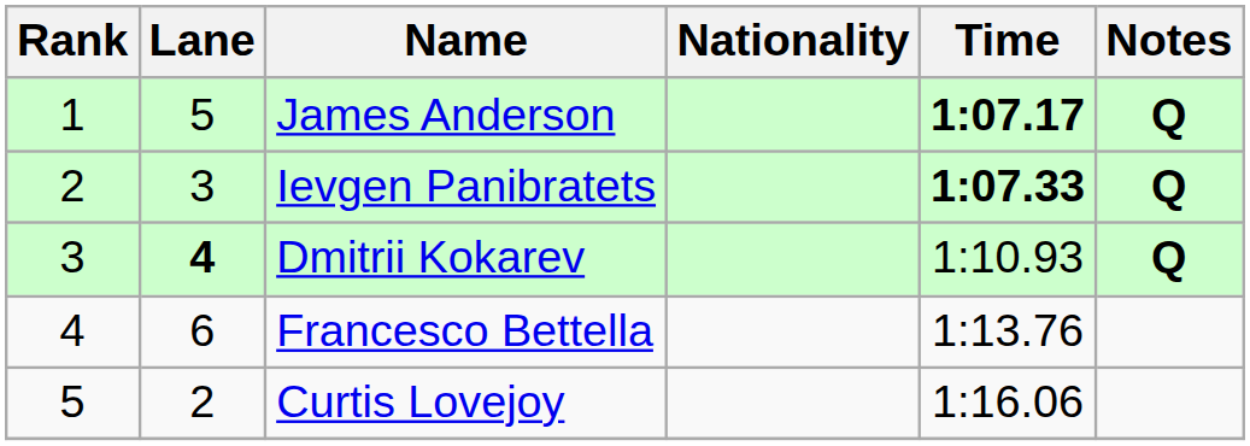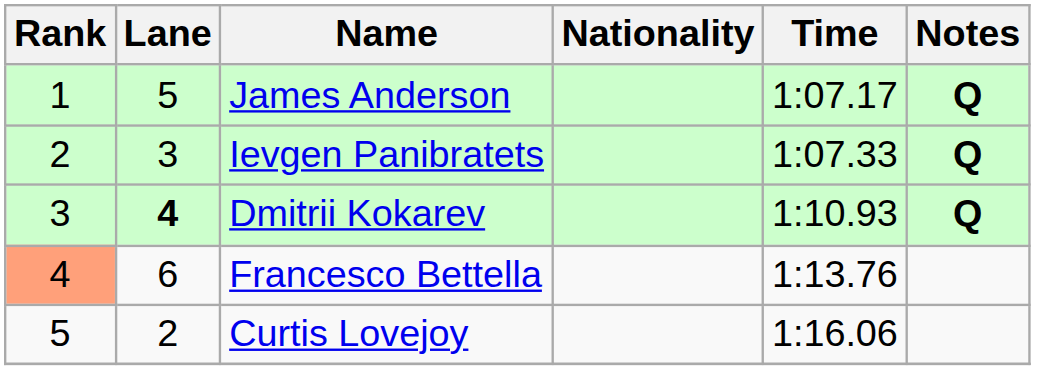 <table class="wikitable">
 <tr>
 <th>Rank</th>
 <th>Lane</th>
 <th>Name</th>
 <th>Nationality</th>
 <th>Time</th>
 <th>Notes</th>
 </tr>
 <tr bgcolor=ccffcc>
 <td align=center>1</td>
 <td align=center>5</td>
 <td><a href='#'>James Anderson</a></td>
 <td></td>
-<td align=center><strong>1:07.17</strong></td>
+<td align=center>1:07.17</td>
 <td align=center><strong>Q</strong></td>
 </tr>
 <tr bgcolor=ccffcc>
 <td align=center>2</td>
 <td align=center>3</td>
 <td><a href='#'>Ievgen Panibratets</a></td>
 <td></td>
-<td align=center><strong>1:07.33</strong></td>
+<td align=center>1:07.33</td>
 <td align=center><strong>Q</strong></td>
 </tr>
 <tr bgcolor=ccffcc>
 <td align=center>3</td>
 <td align=center><strong>4</strong></td>
 <td><a href='#'>Dmitrii Kokarev</a></td>
 <td></td>
 <td align=center>1:10.93</td>
 <td align=center><strong>Q</strong></td>
 </tr>
 <tr>
-<td align=center>4</td>
+<td align=center style="background: lightsalmon;">4</td>
 <td align=center>6</td>
 <td><a href='#'>Francesco Bettella</a></td>
 <td></td>
 <td align=center>1:13.76</td>
 <td align=center></td>
 </tr>
 <tr>
 <td align=center>5</td>
 <td align=center>2</td>
 <td><a href='#'>Curtis Lovejoy</a></td>
 <td></td>
 <td align=center>1:16.06</td>
 <td align=center></td>
 </tr>
 <tr>
 </tr>
 </table>
